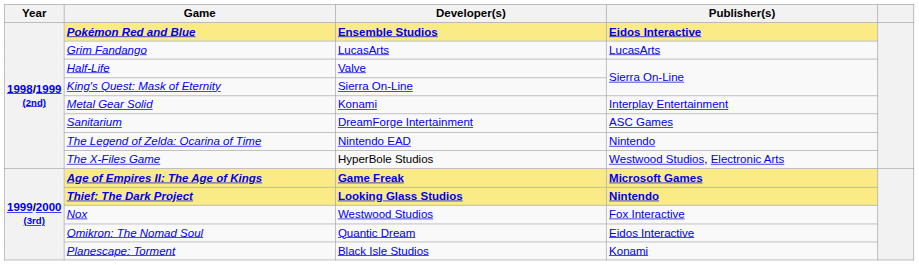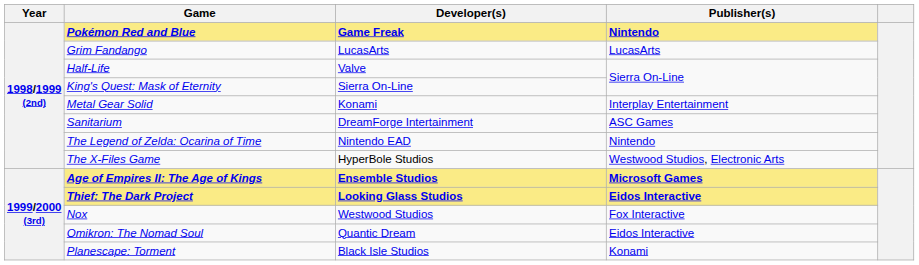 <table class="wikitable sortable" rowspan=2 style="width:100%;;">
 <tr style="background:#bebebe;">
 <th scope="col" style="width:6%;">Year</th>
 <th scope="col" style="width:30%;">Game</th>
 <th scope="col" style="width:30%;">Developer(s)</th>
 <th scope="col" style="width:30%;">Publisher(s)</th>
 <th scope="col" style="width:4%;" class="unsortable"></th>
 </tr>
 <tr>
 <th scope="row" rowspan="8" style="text-align:center"><a href='#'>1998</a>/<a href='#'>1999</a> <br><small><a href='#'>(2nd)</a> </small></th>
 <td style="background:#FAEB86"><strong><em><a href='#'>Pokémon Red and Blue</a></em></strong></td>
-<td style="background:#FAEB86"><strong><a href='#'>Ensemble Studios</a></strong></td>
-<td style="background:#FAEB86"><strong><a href='#'>Eidos Interactive</a></strong></td>
+<td style="background:#FAEB86"><strong><a href='#'>Game Freak</a></strong></td>
+<td style="background:#FAEB86"><strong><a href='#'>Nintendo</a></strong></td>
 <th scope="row" rowspan="8" style="text-align;center;"></th>
 </tr>
 <tr>
 <td><em><a href='#'>Grim Fandango</a></em></td>
 <td><a href='#'>LucasArts</a></td>
 <td><a href='#'>LucasArts</a></td>
 </tr>
 <tr>
 <td><em><a href='#'>Half-Life</a></em></td>
 <td><a href='#'>Valve</a></td>
 <td rowspan=2><a href='#'>Sierra On-Line</a></td>
 </tr>
 <tr>
 <td><em><a href='#'>King's Quest: Mask of Eternity</a></em></td>
 <td><a href='#'>Sierra On-Line</a></td>
 </tr>
 <tr>
 <td><em><a href='#'>Metal Gear Solid</a></em></td>
 <td><a href='#'>Konami</a></td>
 <td><a href='#'>Interplay Entertainment</a></td>
 </tr>
 <tr>
 <td><em><a href='#'>Sanitarium</a></em></td>
 <td><a href='#'>DreamForge Intertainment</a></td>
 <td><a href='#'>ASC Games</a></td>
 </tr>
 <tr>
 <td><em><a href='#'>The Legend of Zelda: Ocarina of Time</a></em></td>
 <td><a href='#'>Nintendo EAD</a></td>
 <td><a href='#'>Nintendo</a></td>
 </tr>
 <tr>
 <td><em><a href='#'>The X-Files Game</a></em></td>
 <td>HyperBole Studios</td>
 <td><a href='#'>Westwood Studios</a>, <a href='#'>Electronic Arts</a></td>
 </tr>
 <tr>
 <th scope="row" rowspan="5" style="text-align:center"><a href='#'>1999</a>/<a href='#'>2000</a> <br><small><a href='#'>(3rd)</a> </small></th>
 <td style="background:#FAEB86"><strong><em><a href='#'>Age of Empires II: The Age of Kings</a></em></strong></td>
-<td style="background:#FAEB86"><strong><a href='#'>Game Freak</a></strong></td>
+<td style="background:#FAEB86"><strong><a href='#'>Ensemble Studios</a></strong></td>
 <td style="background:#FAEB86"><strong><a href='#'>Microsoft Games</a></strong></td>
 <th scope="row" rowspan="5" style="text-align;center;"></th>
 </tr>
 <tr>
 <td style="background:#FAEB86"><strong><em><a href='#'>Thief: The Dark Project</a></em></strong></td>
 <td style="background:#FAEB86"><strong><a href='#'>Looking Glass Studios</a></strong></td>
-<td style="background:#FAEB86"><strong><a href='#'>Nintendo</a></strong></td>
+<td style="background:#FAEB86"><strong><a href='#'>Eidos Interactive</a></strong></td>
 </tr>
 <tr>
 <td><em><a href='#'>Nox</a></em></td>
 <td><a href='#'>Westwood Studios</a></td>
 <td><a href='#'>Fox Interactive</a></td>
 </tr>
 <tr>
 <td><em><a href='#'>Omikron: The Nomad Soul</a></em></td>
 <td><a href='#'>Quantic Dream</a></td>
 <td><a href='#'>Eidos Interactive</a></td>
 </tr>
 <tr>
 <td><em><a href='#'>Planescape: Torment</a></em></td>
 <td><a href='#'>Black Isle Studios</a></td>
 <td><a href='#'>Konami</a></td>
 </tr>
 </table>
